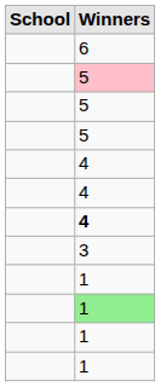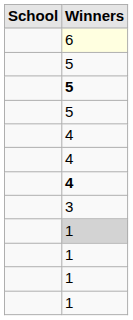 <table class="wikitable">
 <tr>
 <th style="background:#e5e5e5;">School</th>
 <th style="background:#e5e5e5;">Winners</th>
 </tr>
 <tr>
 <td><strong><a href='#'></a></strong></td>
-<td>6</td>
-</tr>
-<tr>
-<td><strong><a href='#'></a></strong></td>
-<td style="background: pink;">5</td>
+<td style="background: lightyellow;">6</td>
 </tr>
 <tr>
 <td><strong><a href='#'></a></strong></td>
 <td>5</td>
+</tr>
+<tr>
+<td><strong><a href='#'></a></strong></td>
+<td><strong>5</strong></td>
 </tr>
 <tr>
 <td><strong><a href='#'></a></strong></td>
 <td>5</td>
 </tr>
 <tr>
 <td><strong><a href='#'></a></strong></td>
 <td>4</td>
 </tr>
 <tr>
 <td><strong><a href='#'></a></strong></td>
 <td>4</td>
 </tr>
 <tr>
 <td><strong><a href='#'></a></strong></td>
 <td><strong>4</strong></td>
 </tr>
 <tr>
 <td><strong><a href='#'></a></strong></td>
 <td>3</td>
 </tr>
 <tr>
 <td><strong><a href='#'></a></strong></td>
-<td>1</td>
+<td style="background: lightgrey;">1</td>
 </tr>
 <tr>
 <td><strong><a href='#'></a></strong></td>
-<td style="background: lightgreen;">1</td>
+<td>1</td>
 </tr>
 <tr>
 <td><strong><a href='#'></a></strong></td>
 <td>1</td>
 </tr>
 <tr>
 <td><strong><a href='#'></a></strong></td>
 <td>1</td>
 </tr>
 </table>
